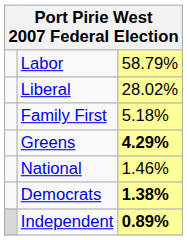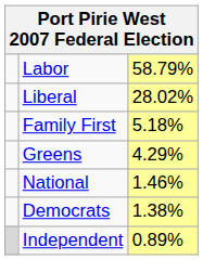 <table class="wikitable" style="float:right; margin-left:1em">
 <tr>
 <th colspan = 3>Port Pirie West<br>2007 Federal Election</th>
 </tr>
 <tr>
 <td> </td>
 <td><a href='#'>Labor</a></td>
 <td bgcolor="FFFF99">58.79%</td>
 </tr>
 <tr>
 <td> </td>
 <td><a href='#'>Liberal</a></td>
 <td bgcolor="FFFF99">28.02%</td>
 </tr>
 <tr>
 <td> </td>
 <td><a href='#'>Family First</a></td>
 <td bgcolor="FFFF99">5.18%</td>
 </tr>
 <tr>
 <td> </td>
 <td><a href='#'>Greens</a></td>
-<td bgcolor="FFFF99"><strong>4.29%</strong></td>
+<td bgcolor="FFFF99">4.29%</td>
 </tr>
 <tr>
 <td> </td>
 <td><a href='#'>National</a></td>
 <td bgcolor="FFFF99">1.46%</td>
 </tr>
 <tr>
 <td> </td>
 <td><a href='#'>Democrats</a></td>
-<td bgcolor="FFFF99"><strong>1.38%</strong></td>
+<td bgcolor="FFFF99">1.38%</td>
 </tr>
 <tr>
 <td bgcolor="#D8D8D8"> </td>
 <td><a href='#'>Independent</a></td>
-<td bgcolor="FFFF99"><strong>0.89%</strong></td>
+<td bgcolor="FFFF99">0.89%</td>
 </tr>
 </table>
